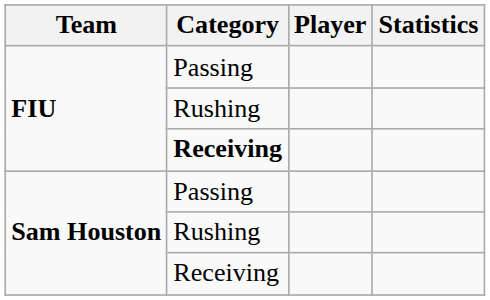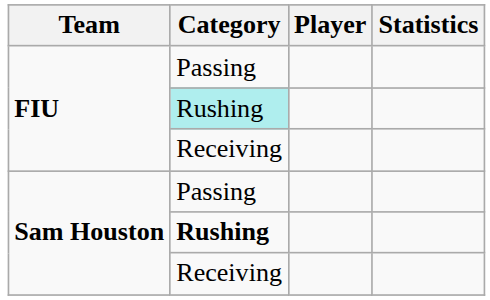 <table class="wikitable" style="float: right;">
 <tr>
 <th>Team</th>
 <th>Category</th>
 <th>Player</th>
 <th>Statistics</th>
 </tr>
 <tr>
 <td rowspan=3><strong>FIU</strong></td>
 <td>Passing</td>
 <td></td>
 <td></td>
 </tr>
 <tr>
-<td>Rushing</td>
+<td style="background: paleturquoise;">Rushing</td>
 <td></td>
 <td></td>
 </tr>
 <tr>
-<td><strong>Receiving</strong></td>
+<td>Receiving</td>
 <td></td>
 <td></td>
 </tr>
 <tr>
 <td rowspan=3><strong>Sam Houston</strong></td>
 <td>Passing</td>
 <td></td>
 <td></td>
 </tr>
 <tr>
-<td>Rushing</td>
+<td><strong>Rushing</strong></td>
 <td></td>
 <td></td>
 </tr>
 <tr>
 <td>Receiving</td>
 <td></td>
 <td></td>
 </tr>
 </table>
